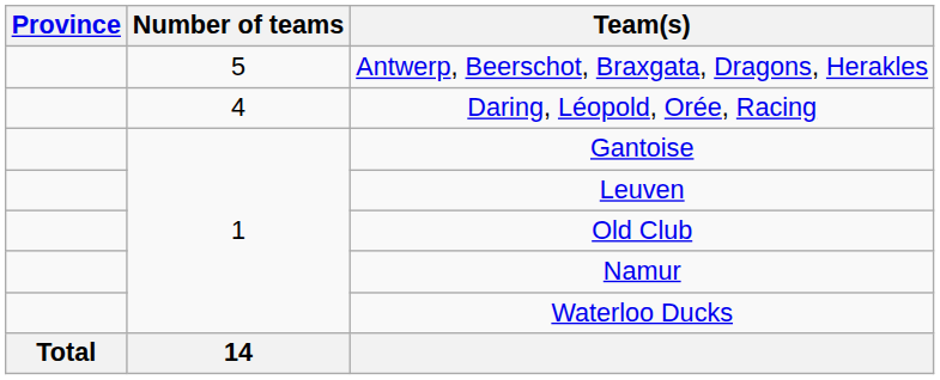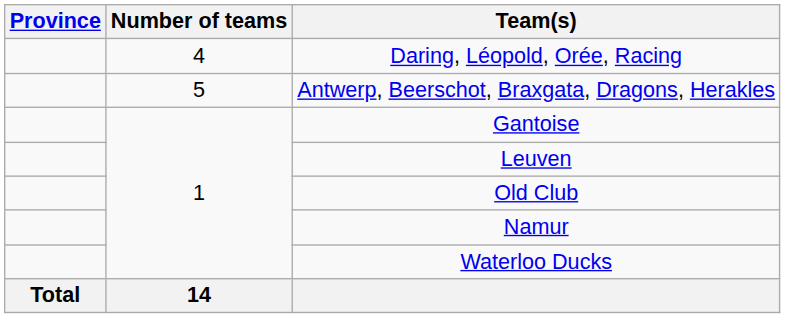 <table class="wikitable" style="text-align:center">
 <tr>
 <th><a href='#'>Province</a></th>
 <th>Number of teams</th>
 <th>Team(s)</th>
 </tr>
 <tr>
 <td align="left"></td>
-<td>5</td>
-<td><a href='#'>Antwerp</a>, <a href='#'>Beerschot</a>, <a href='#'>Braxgata</a>, <a href='#'>Dragons</a>, <a href='#'>Herakles</a></td>
+<td>4</td>
+<td><a href='#'>Daring</a>, <a href='#'>Léopold</a>, <a href='#'>Orée</a>, <a href='#'>Racing</a></td>
 </tr>
 <tr>
 <td align="left"></td>
-<td>4</td>
-<td><a href='#'>Daring</a>, <a href='#'>Léopold</a>, <a href='#'>Orée</a>, <a href='#'>Racing</a></td>
+<td>5</td>
+<td><a href='#'>Antwerp</a>, <a href='#'>Beerschot</a>, <a href='#'>Braxgata</a>, <a href='#'>Dragons</a>, <a href='#'>Herakles</a></td>
 </tr>
 <tr>
 <td align="left"></td>
 <td rowspan=5>1</td>
 <td><a href='#'>Gantoise</a></td>
 </tr>
 <tr>
 <td align=left></td>
 <td><a href='#'>Leuven</a></td>
 </tr>
 <tr>
 <td align=left></td>
 <td><a href='#'>Old Club</a></td>
 </tr>
 <tr>
 <td align=left></td>
 <td><a href='#'>Namur</a></td>
 </tr>
 <tr>
 <td align=left></td>
 <td><a href='#'>Waterloo Ducks</a></td>
 </tr>
 <tr>
 <th>Total</th>
 <th>14</th>
 <th></th>
 </tr>
 </table>
